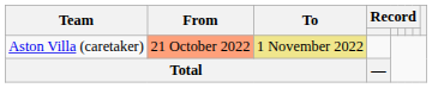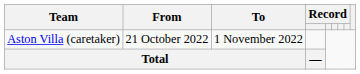 <table class=wikitable style="text-align: center">
 <tr>
 <th rowspan=2>Team</th>
 <th rowspan=2>From</th>
 <th rowspan=2>To</th>
 <th colspan=5>Record</th>
 <th rowspan=2></th>
 </tr>
 <tr>
 <th></th>
 <th></th>
 <th></th>
 <th></th>
 <th></th>
 </tr>
 <tr>
 <td align="left"><a href='#'>Aston Villa</a> (caretaker)</td>
-<td align="left" style="background: lightsalmon;">21 October 2022</td>
-<td align="left" style="background: khaki;">1 November 2022<br></td>
+<td align="left">21 October 2022</td>
+<td align="left">1 November 2022<br></td>
 <td></td>
 </tr>
 <tr>
 <th colspan=3>Total<br></th>
 <th>—</th>
 </tr>
 </table>
